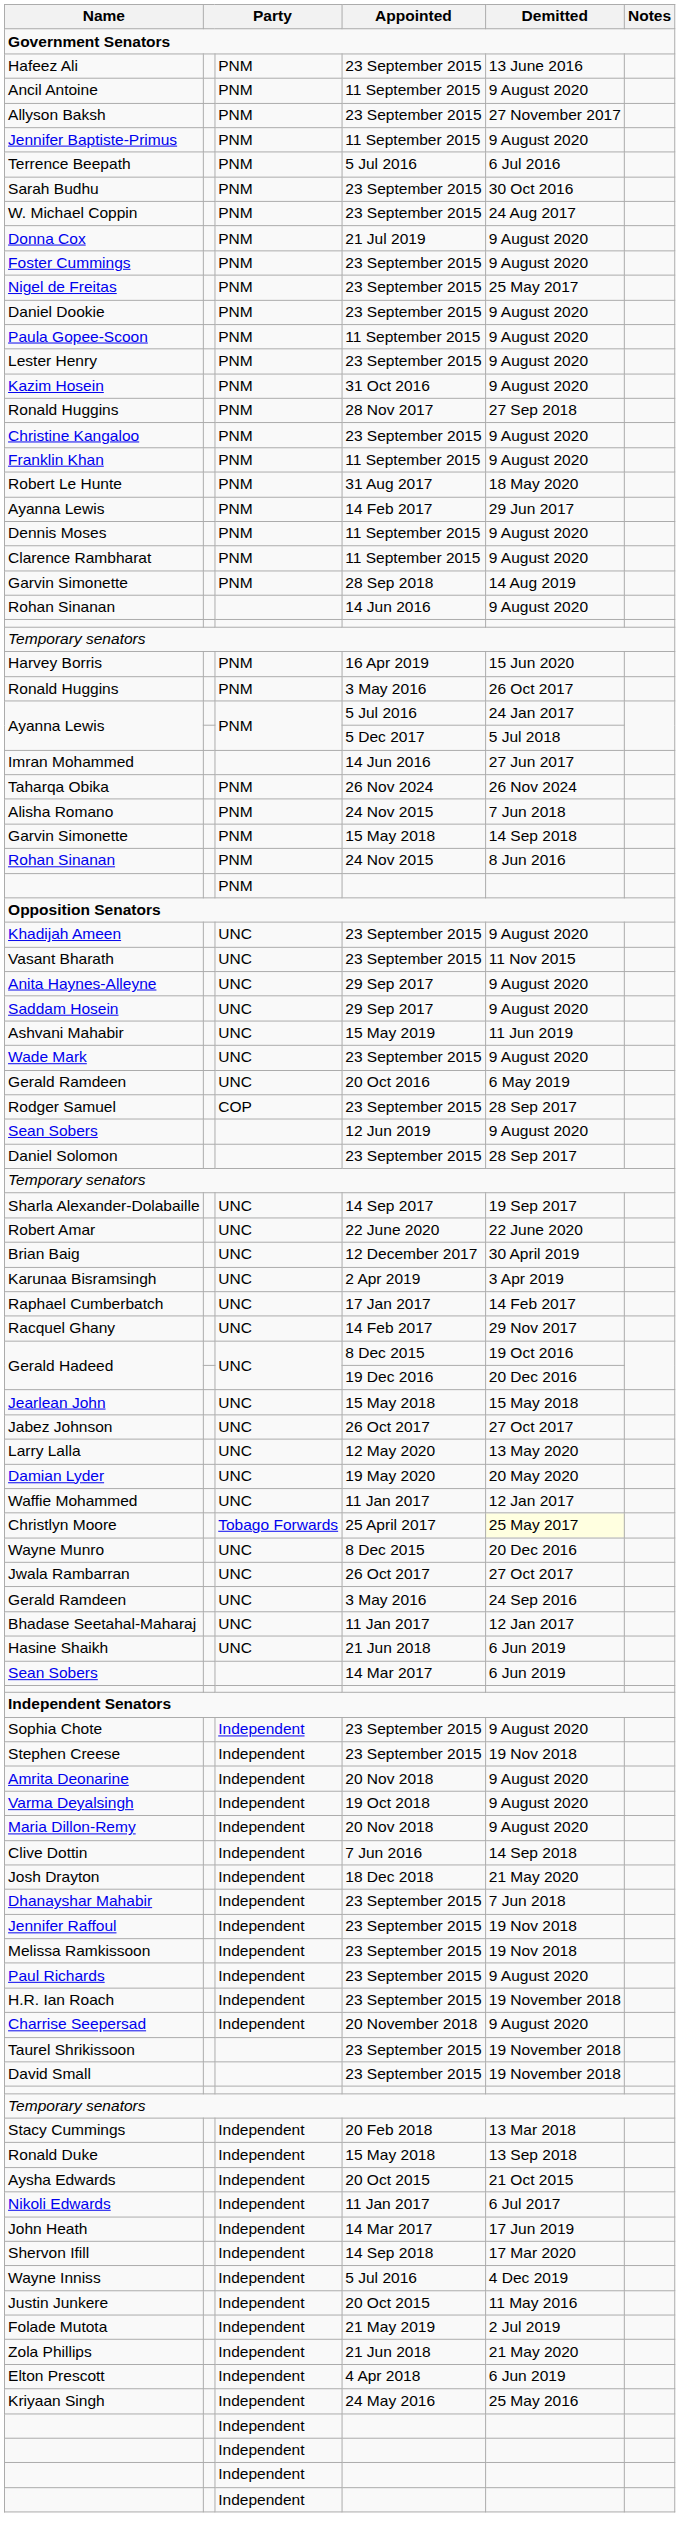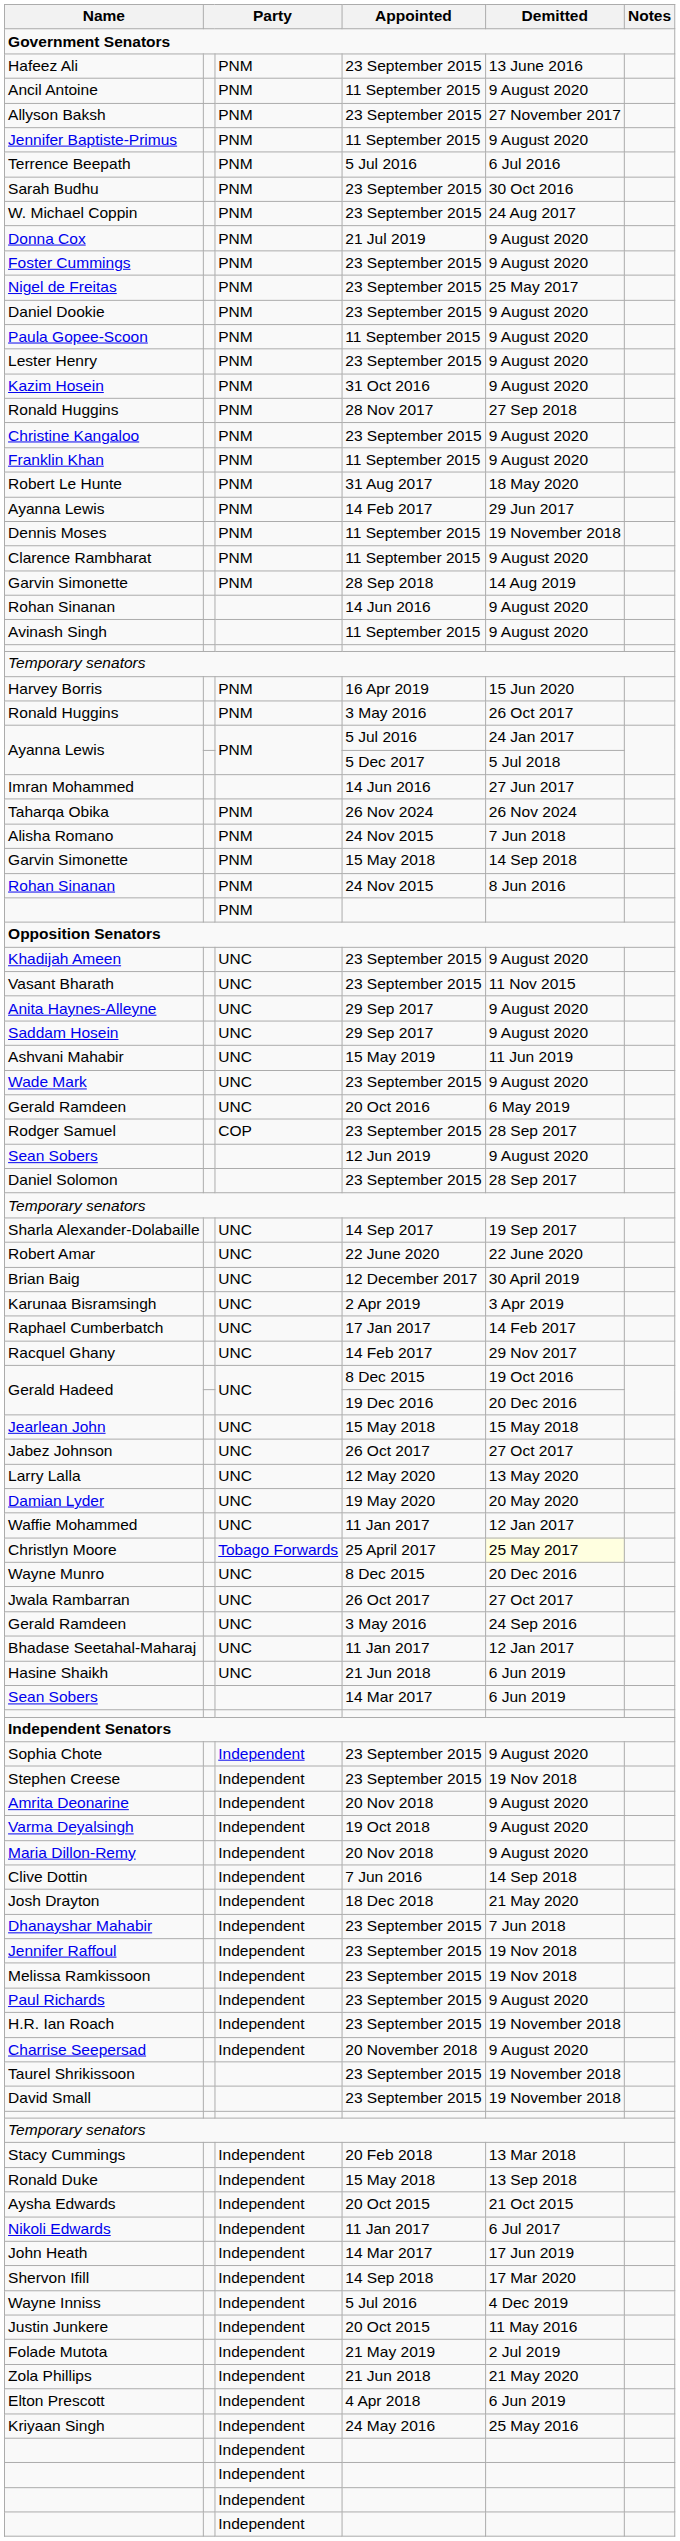 <table class="wikitable sortable">
 <tr>
 <th>Name</th>
 <th colspan="2">Party</th>
 <th>Appointed</th>
 <th>Demitted</th>
 <th>Notes</th>
 </tr>
 <tr>
 <td colspan="6"><strong>Government Senators</strong></td>
 </tr>
 <tr>
 <td>Hafeez Ali</td>
 <td style="background:"> </td>
 <td>PNM</td>
 <td>23 September 2015</td>
 <td>13 June 2016</td>
 <td></td>
 </tr>
 <tr>
 <td>Ancil Antoine</td>
 <td style="background:"> </td>
 <td>PNM</td>
 <td>11 September 2015</td>
 <td>9 August 2020</td>
 <td></td>
 </tr>
 <tr>
 <td>Allyson Baksh</td>
 <td style="background:"> </td>
 <td>PNM</td>
 <td>23 September 2015</td>
 <td>27 November 2017</td>
 <td></td>
 </tr>
 <tr>
 <td><a href='#'>Jennifer Baptiste-Primus</a></td>
 <td style="background:"> </td>
 <td>PNM</td>
 <td>11 September 2015</td>
 <td>9 August 2020</td>
 <td></td>
 </tr>
 <tr>
 <td>Terrence Beepath</td>
 <td style="background:"> </td>
 <td>PNM</td>
 <td>5 Jul 2016</td>
 <td>6 Jul 2016</td>
 <td></td>
 </tr>
 <tr>
 <td>Sarah Budhu</td>
 <td style="background:"> </td>
 <td>PNM</td>
 <td>23 September 2015</td>
 <td>30 Oct 2016</td>
 <td></td>
 </tr>
 <tr>
 <td>W. Michael Coppin</td>
 <td style="background:"> </td>
 <td>PNM</td>
 <td>23 September 2015</td>
 <td>24 Aug 2017</td>
 <td></td>
 </tr>
 <tr>
 <td><a href='#'>Donna Cox</a></td>
 <td style="background:"> </td>
 <td>PNM</td>
 <td>21 Jul 2019</td>
 <td>9 August 2020</td>
 <td></td>
 </tr>
 <tr>
 <td><a href='#'>Foster Cummings</a></td>
 <td style="background:"> </td>
 <td>PNM</td>
 <td>23 September 2015</td>
 <td>9 August 2020</td>
 <td></td>
 </tr>
 <tr>
 <td><a href='#'>Nigel de Freitas</a></td>
 <td style="background:"> </td>
 <td>PNM</td>
 <td>23 September 2015</td>
 <td>25 May 2017</td>
 <td></td>
 </tr>
 <tr>
 <td>Daniel Dookie</td>
 <td style="background:"> </td>
 <td>PNM</td>
 <td>23 September 2015</td>
 <td>9 August 2020</td>
 <td></td>
 </tr>
 <tr>
 <td><a href='#'>Paula Gopee-Scoon</a></td>
 <td style="background:"> </td>
 <td>PNM</td>
 <td>11 September 2015</td>
 <td>9 August 2020</td>
 <td></td>
 </tr>
 <tr>
 <td>Lester Henry</td>
 <td style="background:"> </td>
 <td>PNM</td>
 <td>23 September 2015</td>
 <td>9 August 2020</td>
 <td></td>
 </tr>
 <tr>
 <td><a href='#'>Kazim Hosein</a></td>
 <td style="background:"> </td>
 <td>PNM</td>
 <td>31 Oct 2016</td>
 <td>9 August 2020</td>
 <td></td>
 </tr>
 <tr>
 <td>Ronald Huggins</td>
 <td style="background:"> </td>
 <td>PNM</td>
 <td>28 Nov 2017</td>
 <td>27 Sep 2018</td>
 <td></td>
 </tr>
 <tr>
 <td><a href='#'>Christine Kangaloo</a></td>
 <td style="background:"> </td>
 <td>PNM</td>
 <td>23 September 2015</td>
 <td>9 August 2020</td>
 <td></td>
 </tr>
 <tr>
 <td><a href='#'>Franklin Khan</a></td>
 <td style="background:"> </td>
 <td>PNM</td>
 <td>11 September 2015</td>
 <td>9 August 2020</td>
 <td></td>
 </tr>
 <tr>
 <td>Robert Le Hunte</td>
 <td style="background:"> </td>
 <td>PNM</td>
 <td>31 Aug 2017</td>
 <td>18 May 2020</td>
 <td></td>
 </tr>
 <tr>
 <td>Ayanna Lewis</td>
 <td></td>
 <td>PNM</td>
 <td>14 Feb 2017</td>
 <td>29 Jun 2017</td>
 <td></td>
 </tr>
 <tr>
 <td>Dennis Moses</td>
 <td></td>
 <td>PNM</td>
 <td>11 September 2015</td>
-<td>9 August 2020</td>
+<td>19 November 2018</td>
 <td></td>
 </tr>
 <tr>
 <td>Clarence Rambharat</td>
 <td></td>
 <td>PNM</td>
 <td>11 September 2015</td>
 <td>9 August 2020</td>
 <td></td>
 </tr>
 <tr>
 <td>Garvin Simonette</td>
 <td></td>
 <td>PNM</td>
 <td>28 Sep 2018</td>
 <td>14 Aug 2019</td>
 <td></td>
 </tr>
 <tr>
 <td>Rohan Sinanan</td>
 <td></td>
 <td></td>
 <td>14 Jun 2016</td>
+<td>9 August 2020</td>
+<td></td>
+</tr>
+<tr>
+<td>Avinash Singh</td>
+<td></td>
+<td></td>
+<td>11 September 2015</td>
 <td>9 August 2020</td>
 <td></td>
 </tr>
 <tr>
 <td></td>
 <td></td>
 <td></td>
 <td></td>
 <td></td>
 <td></td>
 </tr>
 <tr>
 <td colspan="6"><em>Temporary senators</em></td>
 </tr>
 <tr>
 <td>Harvey Borris</td>
 <td style="background:"> </td>
 <td>PNM</td>
 <td>16 Apr 2019</td>
 <td>15 Jun 2020</td>
 <td></td>
 </tr>
 <tr>
 <td>Ronald Huggins</td>
 <td style="background:"> </td>
 <td>PNM</td>
 <td>3 May 2016</td>
 <td>26 Oct 2017</td>
 <td></td>
 </tr>
 <tr>
 <td rowspan="2">Ayanna Lewis</td>
 <td style="background:"> </td>
 <td rowspan="2">PNM</td>
 <td>5 Jul 2016</td>
 <td>24 Jan 2017</td>
 <td rowspan="2"></td>
 </tr>
 <tr>
 <td style="background:"> </td>
 <td>5 Dec 2017</td>
 <td>5 Jul 2018</td>
 </tr>
 <tr>
 <td>Imran Mohammed</td>
 <td></td>
 <td></td>
 <td>14 Jun 2016</td>
 <td>27 Jun 2017</td>
 <td></td>
 </tr>
 <tr>
 <td>Taharqa Obika</td>
 <td></td>
 <td>PNM</td>
 <td>26 Nov 2024</td>
 <td>26 Nov 2024</td>
 <td></td>
 </tr>
 <tr>
 <td>Alisha Romano</td>
 <td></td>
 <td>PNM</td>
 <td>24 Nov 2015</td>
 <td>7 Jun 2018</td>
 <td></td>
 </tr>
 <tr>
 <td>Garvin Simonette</td>
 <td></td>
 <td>PNM</td>
 <td>15 May 2018</td>
 <td>14 Sep 2018</td>
 <td></td>
 </tr>
 <tr>
 <td><a href='#'>Rohan Sinanan</a></td>
 <td></td>
 <td>PNM</td>
 <td>24 Nov 2015</td>
 <td>8 Jun 2016</td>
 <td></td>
 </tr>
 <tr>
 <td></td>
 <td></td>
 <td>PNM</td>
 <td></td>
 <td></td>
 <td></td>
 </tr>
 <tr>
 <td colspan="6"><strong>Opposition Senators</strong></td>
 </tr>
 <tr>
 <td><a href='#'>Khadijah Ameen</a></td>
 <td style="background:"> </td>
 <td>UNC</td>
 <td>23 September 2015</td>
 <td>9 August 2020</td>
 <td></td>
 </tr>
 <tr>
 <td>Vasant Bharath</td>
 <td style="background:"> </td>
 <td>UNC</td>
 <td>23 September 2015</td>
 <td>11 Nov 2015</td>
 <td></td>
 </tr>
 <tr>
 <td><a href='#'>Anita Haynes-Alleyne</a></td>
 <td style="background:"> </td>
 <td>UNC</td>
 <td>29 Sep 2017</td>
 <td>9 August 2020</td>
 <td></td>
 </tr>
 <tr>
 <td><a href='#'>Saddam Hosein</a></td>
 <td style="background:"> </td>
 <td>UNC</td>
 <td>29 Sep 2017</td>
 <td>9 August 2020</td>
 <td></td>
 </tr>
 <tr>
 <td>Ashvani Mahabir</td>
 <td style="background:"> </td>
 <td>UNC</td>
 <td>15 May 2019</td>
 <td>11 Jun 2019</td>
 <td></td>
 </tr>
 <tr>
 <td><a href='#'>Wade Mark</a></td>
 <td style="background:"> </td>
 <td>UNC</td>
 <td>23 September 2015</td>
 <td>9 August 2020</td>
 <td></td>
 </tr>
 <tr>
 <td>Gerald Ramdeen</td>
 <td></td>
 <td>UNC</td>
 <td>20 Oct 2016</td>
 <td>6 May 2019</td>
 <td></td>
 </tr>
 <tr>
 <td>Rodger Samuel</td>
 <td></td>
 <td>COP</td>
 <td>23 September 2015</td>
 <td>28 Sep 2017</td>
 <td></td>
 </tr>
 <tr>
 <td><a href='#'>Sean Sobers</a></td>
 <td></td>
 <td></td>
 <td>12 Jun 2019</td>
 <td>9 August 2020</td>
 <td></td>
 </tr>
 <tr>
 <td>Daniel Solomon</td>
 <td></td>
 <td></td>
 <td>23 September 2015</td>
 <td>28 Sep 2017</td>
 <td></td>
 </tr>
 <tr>
 <td colspan="6"><em>Temporary senators</em></td>
 </tr>
 <tr>
 <td>Sharla Alexander-Dolabaille</td>
 <td style="background:"> </td>
 <td>UNC</td>
 <td>14 Sep 2017</td>
 <td>19 Sep 2017</td>
 <td></td>
 </tr>
 <tr>
 <td>Robert Amar</td>
 <td style="background:"> </td>
 <td>UNC</td>
 <td>22 June 2020</td>
 <td>22 June 2020</td>
 <td></td>
 </tr>
 <tr>
 <td>Brian Baig</td>
 <td style="background:"> </td>
 <td>UNC</td>
 <td>12 December 2017</td>
 <td>30 April 2019</td>
 <td></td>
 </tr>
 <tr>
 <td>Karunaa Bisramsingh</td>
 <td style="background:"> </td>
 <td>UNC</td>
 <td>2 Apr 2019</td>
 <td>3 Apr 2019</td>
 <td></td>
 </tr>
 <tr>
 <td>Raphael Cumberbatch</td>
 <td style="background:"> </td>
 <td>UNC</td>
 <td>17 Jan 2017</td>
 <td>14 Feb 2017</td>
 <td></td>
 </tr>
 <tr>
 <td>Racquel Ghany</td>
 <td style="background:"> </td>
 <td>UNC</td>
 <td>14 Feb 2017</td>
 <td>29 Nov 2017</td>
 <td></td>
 </tr>
 <tr>
 <td rowspan="2">Gerald Hadeed</td>
 <td style="background:"> </td>
 <td rowspan="2">UNC</td>
 <td>8 Dec 2015</td>
 <td>19 Oct 2016</td>
 <td rowspan="2"></td>
 </tr>
 <tr>
 <td style="background:"> </td>
 <td>19 Dec 2016</td>
 <td>20 Dec 2016</td>
 </tr>
 <tr>
 <td><a href='#'>Jearlean John</a></td>
 <td style="background:"> </td>
 <td>UNC</td>
 <td>15 May 2018</td>
 <td>15 May 2018</td>
 <td></td>
 </tr>
 <tr>
 <td>Jabez Johnson</td>
 <td style="background:"> </td>
 <td>UNC</td>
 <td>26 Oct 2017</td>
 <td>27 Oct 2017</td>
 <td></td>
 </tr>
 <tr>
 <td>Larry Lalla</td>
 <td></td>
 <td>UNC</td>
 <td>12 May 2020</td>
 <td>13 May 2020</td>
 <td></td>
 </tr>
 <tr>
 <td><a href='#'>Damian Lyder</a></td>
 <td></td>
 <td>UNC</td>
 <td>19 May 2020</td>
 <td>20 May 2020</td>
 <td></td>
 </tr>
 <tr>
 <td>Waffie Mohammed</td>
 <td></td>
 <td>UNC</td>
 <td>11 Jan 2017</td>
 <td>12 Jan 2017</td>
 <td></td>
 </tr>
 <tr>
 <td>Christlyn Moore</td>
 <td></td>
 <td><a href='#'>Tobago Forwards</a></td>
 <td>25 April 2017</td>
 <td style="background: lightyellow;">25 May 2017</td>
 <td></td>
 </tr>
 <tr>
 <td>Wayne Munro</td>
 <td></td>
 <td>UNC</td>
 <td>8 Dec 2015</td>
 <td>20 Dec 2016</td>
 <td></td>
 </tr>
 <tr>
 <td>Jwala Rambarran</td>
 <td></td>
 <td>UNC</td>
 <td>26 Oct 2017</td>
 <td>27 Oct 2017</td>
 <td></td>
 </tr>
 <tr>
 <td>Gerald Ramdeen</td>
 <td></td>
 <td>UNC</td>
 <td>3 May 2016</td>
 <td>24 Sep 2016</td>
 <td></td>
 </tr>
 <tr>
 <td>Bhadase Seetahal-Maharaj</td>
 <td></td>
 <td>UNC</td>
 <td>11 Jan 2017</td>
 <td>12 Jan 2017</td>
 <td></td>
 </tr>
 <tr>
 <td>Hasine Shaikh</td>
 <td></td>
 <td>UNC</td>
 <td>21 Jun 2018</td>
 <td>6 Jun 2019</td>
 <td></td>
 </tr>
 <tr>
 <td><a href='#'>Sean Sobers</a></td>
 <td></td>
 <td></td>
 <td>14 Mar 2017</td>
 <td>6 Jun 2019</td>
 <td></td>
 </tr>
 <tr>
 <td></td>
 <td></td>
 <td></td>
 <td></td>
 <td></td>
 <td></td>
 </tr>
 <tr>
 <td colspan="6"><strong>Independent Senators</strong></td>
 </tr>
 <tr>
 <td>Sophia Chote</td>
 <td style="background:"> </td>
 <td><a href='#'>Independent</a></td>
 <td>23 September 2015</td>
 <td>9 August 2020</td>
 <td></td>
 </tr>
 <tr>
 <td>Stephen Creese</td>
 <td style="background:"> </td>
 <td>Independent</td>
 <td>23 September 2015</td>
 <td>19 Nov 2018</td>
 <td></td>
 </tr>
 <tr>
 <td><a href='#'>Amrita Deonarine</a></td>
 <td style="background:"> </td>
 <td>Independent</td>
 <td>20 Nov 2018</td>
 <td>9 August 2020</td>
 <td></td>
 </tr>
 <tr>
 <td><a href='#'>Varma Deyalsingh</a></td>
 <td style="background:"> </td>
 <td>Independent</td>
 <td>19 Oct 2018</td>
 <td>9 August 2020</td>
 <td></td>
 </tr>
 <tr>
 <td><a href='#'>Maria Dillon-Remy</a></td>
 <td style="background:"> </td>
 <td>Independent</td>
 <td>20 Nov 2018</td>
 <td>9 August 2020</td>
 <td></td>
 </tr>
 <tr>
 <td>Clive Dottin</td>
 <td style="background:"> </td>
 <td>Independent</td>
 <td>7 Jun 2016</td>
 <td>14 Sep 2018</td>
 <td></td>
 </tr>
 <tr>
 <td>Josh Drayton</td>
 <td style="background:"> </td>
 <td>Independent</td>
 <td>18 Dec 2018</td>
 <td>21 May 2020</td>
 <td></td>
 </tr>
 <tr>
 <td><a href='#'>Dhanayshar Mahabir</a></td>
 <td style="background:"> </td>
 <td>Independent</td>
 <td>23 September 2015</td>
 <td>7 Jun 2018</td>
 <td></td>
 </tr>
 <tr>
 <td><a href='#'>Jennifer Raffoul</a></td>
 <td style="background:"> </td>
 <td>Independent</td>
 <td>23 September 2015</td>
 <td>19 Nov 2018</td>
 <td></td>
 </tr>
 <tr>
 <td>Melissa Ramkissoon</td>
 <td style="background:"> </td>
 <td>Independent</td>
 <td>23 September 2015</td>
 <td>19 Nov 2018</td>
 <td></td>
 </tr>
 <tr>
 <td><a href='#'>Paul Richards</a></td>
 <td style="background:"> </td>
 <td>Independent</td>
 <td>23 September 2015</td>
 <td>9 August 2020</td>
 <td></td>
 </tr>
 <tr>
 <td>H.R. Ian Roach</td>
 <td style="background:"> </td>
 <td>Independent</td>
 <td>23 September 2015</td>
 <td>19 November 2018</td>
 <td></td>
 </tr>
 <tr>
 <td><a href='#'>Charrise Seepersad</a></td>
 <td style="background:"> </td>
 <td>Independent</td>
 <td>20 November 2018</td>
 <td>9 August 2020</td>
 <td></td>
 </tr>
 <tr>
 <td>Taurel Shrikissoon</td>
 <td></td>
 <td></td>
 <td>23 September 2015</td>
 <td>19 November 2018</td>
 <td></td>
 </tr>
 <tr>
 <td>David Small</td>
 <td></td>
 <td></td>
 <td>23 September 2015</td>
 <td>19 November 2018</td>
 <td></td>
 </tr>
 <tr>
 <td></td>
 <td></td>
 <td></td>
 <td></td>
 <td></td>
 <td></td>
 </tr>
 <tr>
 <td colspan="6"><em>Temporary senators</em></td>
 </tr>
 <tr>
 <td>Stacy Cummings</td>
 <td style="background:"> </td>
 <td>Independent</td>
 <td>20 Feb 2018</td>
 <td>13 Mar 2018</td>
 <td></td>
 </tr>
 <tr>
 <td>Ronald Duke</td>
 <td style="background:"> </td>
 <td>Independent</td>
 <td>15 May 2018</td>
 <td>13 Sep 2018</td>
 <td></td>
 </tr>
 <tr>
 <td>Aysha Edwards</td>
 <td style="background:"> </td>
 <td>Independent</td>
 <td>20 Oct 2015</td>
 <td>21 Oct 2015</td>
 <td></td>
 </tr>
 <tr>
 <td><a href='#'>Nikoli Edwards</a></td>
 <td style="background:"> </td>
 <td>Independent</td>
 <td>11 Jan 2017</td>
 <td>6 Jul 2017</td>
 <td></td>
 </tr>
 <tr>
 <td>John Heath</td>
 <td style="background:"> </td>
 <td>Independent</td>
 <td>14 Mar 2017</td>
 <td>17 Jun 2019</td>
 <td></td>
 </tr>
 <tr>
 <td>Shervon Ifill</td>
 <td style="background:"> </td>
 <td>Independent</td>
 <td>14 Sep 2018</td>
 <td>17 Mar 2020</td>
 <td></td>
 </tr>
 <tr>
 <td>Wayne Inniss</td>
 <td></td>
 <td>Independent</td>
 <td>5 Jul 2016</td>
 <td>4 Dec 2019</td>
 <td></td>
 </tr>
 <tr>
 <td>Justin Junkere</td>
 <td></td>
 <td>Independent</td>
 <td>20 Oct 2015</td>
 <td>11 May 2016</td>
 <td></td>
 </tr>
 <tr>
 <td>Folade Mutota</td>
 <td></td>
 <td>Independent</td>
 <td>21 May 2019</td>
 <td>2 Jul 2019</td>
 <td></td>
 </tr>
 <tr>
 <td>Zola Phillips</td>
 <td></td>
 <td>Independent</td>
 <td>21 Jun 2018</td>
 <td>21 May 2020</td>
 <td></td>
 </tr>
 <tr>
 <td>Elton Prescott</td>
 <td></td>
 <td>Independent</td>
 <td>4 Apr 2018</td>
 <td>6 Jun 2019</td>
 <td></td>
 </tr>
 <tr>
 <td>Kriyaan Singh</td>
 <td></td>
 <td>Independent</td>
 <td>24 May 2016</td>
 <td>25 May 2016</td>
 <td></td>
 </tr>
 <tr>
 <td></td>
 <td></td>
 <td>Independent</td>
 <td></td>
 <td></td>
 <td></td>
 </tr>
 <tr>
 <td></td>
 <td></td>
 <td>Independent</td>
 <td></td>
 <td></td>
 <td></td>
 </tr>
 <tr>
 <td></td>
 <td></td>
 <td>Independent</td>
 <td></td>
 <td></td>
 <td></td>
 </tr>
 <tr>
 <td></td>
 <td></td>
 <td>Independent</td>
 <td></td>
 <td></td>
 <td></td>
 </tr>
 </table>
